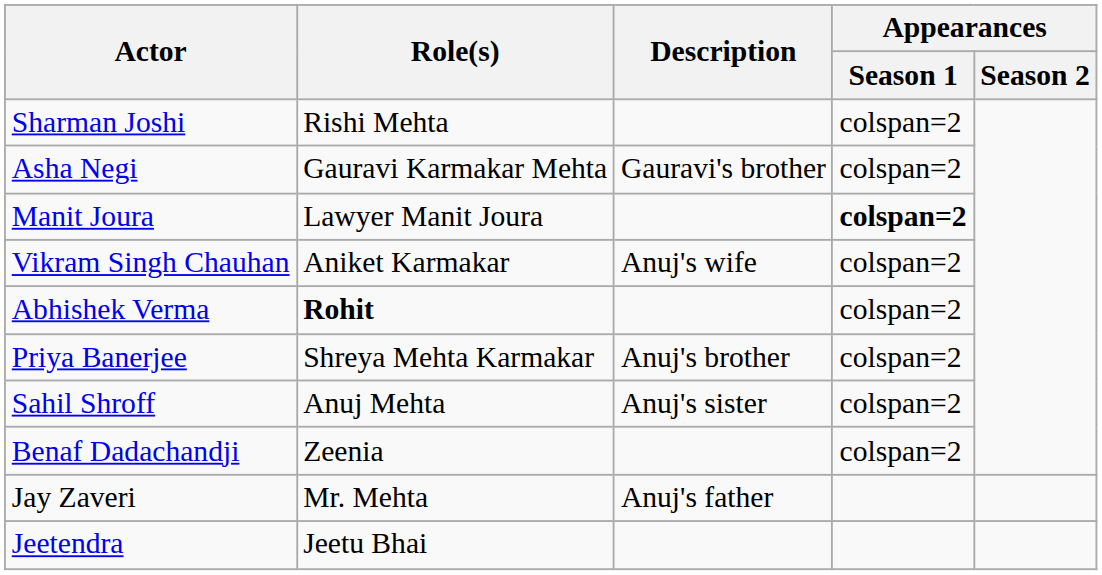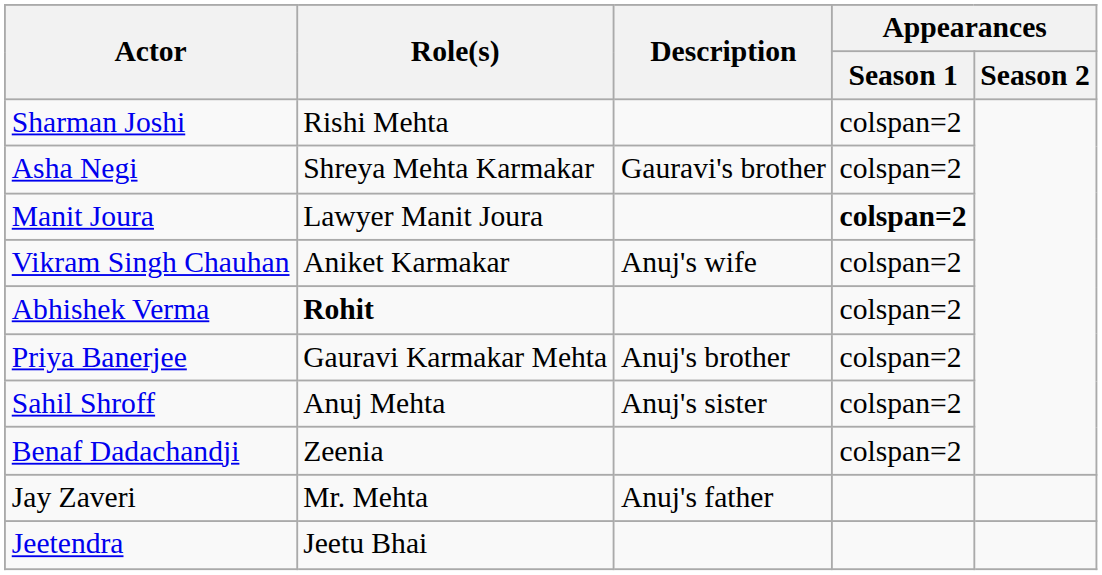 <table class="wikitable">
 <tr>
 <th rowspan="2">Actor</th>
 <th rowspan="2">Role(s)</th>
 <th rowspan="2">Description</th>
 <th colspan="2">Appearances</th>
 </tr>
 <tr>
 <th>Season 1</th>
 <th>Season 2</th>
 </tr>
 <tr>
 <td><a href='#'>Sharman Joshi</a></td>
 <td>Rishi Mehta</td>
 <td></td>
 <td>colspan=2 </td>
 </tr>
 <tr>
 <td><a href='#'>Asha Negi</a></td>
-<td>Gauravi Karmakar Mehta</td>
+<td>Shreya Mehta Karmakar</td>
 <td>Gauravi's brother</td>
 <td>colspan=2 </td>
 </tr>
 <tr>
 <td><a href='#'>Manit Joura</a></td>
 <td>Lawyer Manit Joura</td>
 <td></td>
 <td><strong>colspan=2 </strong></td>
 </tr>
 <tr>
 <td><a href='#'>Vikram Singh Chauhan</a></td>
 <td>Aniket Karmakar</td>
 <td>Anuj's wife</td>
 <td>colspan=2 </td>
 </tr>
 <tr>
 <td><a href='#'>Abhishek Verma</a></td>
 <td><strong>Rohit</strong></td>
 <td></td>
 <td>colspan=2 </td>
 </tr>
 <tr>
 <td><a href='#'>Priya Banerjee</a></td>
-<td>Shreya Mehta Karmakar</td>
+<td>Gauravi Karmakar Mehta</td>
 <td>Anuj's brother</td>
 <td>colspan=2 </td>
 </tr>
 <tr>
 <td><a href='#'>Sahil Shroff</a></td>
 <td>Anuj Mehta</td>
 <td>Anuj's sister</td>
 <td>colspan=2 </td>
 </tr>
 <tr>
 <td><a href='#'>Benaf Dadachandji</a></td>
 <td>Zeenia</td>
 <td></td>
 <td>colspan=2 </td>
 </tr>
 <tr>
 <td>Jay Zaveri</td>
 <td>Mr. Mehta</td>
 <td>Anuj's father</td>
 <td></td>
 <td></td>
 </tr>
 <tr>
 <td><a href='#'>Jeetendra</a></td>
 <td>Jeetu Bhai</td>
 <td></td>
 <td></td>
 <td></td>
 </tr>
 </table>
